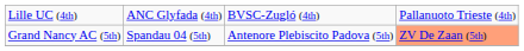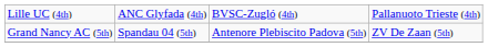 <table class="wikitable">
 <tr>
 <td> <a href='#'>Lille UC</a> <small>(<a href='#'>4th</a>)</small></td>
 <td> <a href='#'>ANC Glyfada</a> <small>(<a href='#'>4th</a>)</small></td>
 <td> <a href='#'>BVSC-Zugló</a> <small>(<a href='#'>4th</a>)</small></td>
 <td> <a href='#'>Pallanuoto Trieste</a> <small>(<a href='#'>4th</a>)</small></td>
 </tr>
 <tr>
 <td> <a href='#'>Grand Nancy AC</a> <small>(<a href='#'>5th</a>)</small></td>
 <td> <a href='#'>Spandau 04</a> <small>(<a href='#'>5th</a>)</small></td>
 <td> <a href='#'>Antenore Plebiscito Padova</a> <small>(<a href='#'>5th</a>)</small></td>
-<td style="background: lightsalmon;"> <a href='#'>ZV De Zaan</a> <small>(<a href='#'>5th</a>)</small></td>
+<td> <a href='#'>ZV De Zaan</a> <small>(<a href='#'>5th</a>)</small></td>
 </tr>
 <tr>
 </tr>
 </table>
